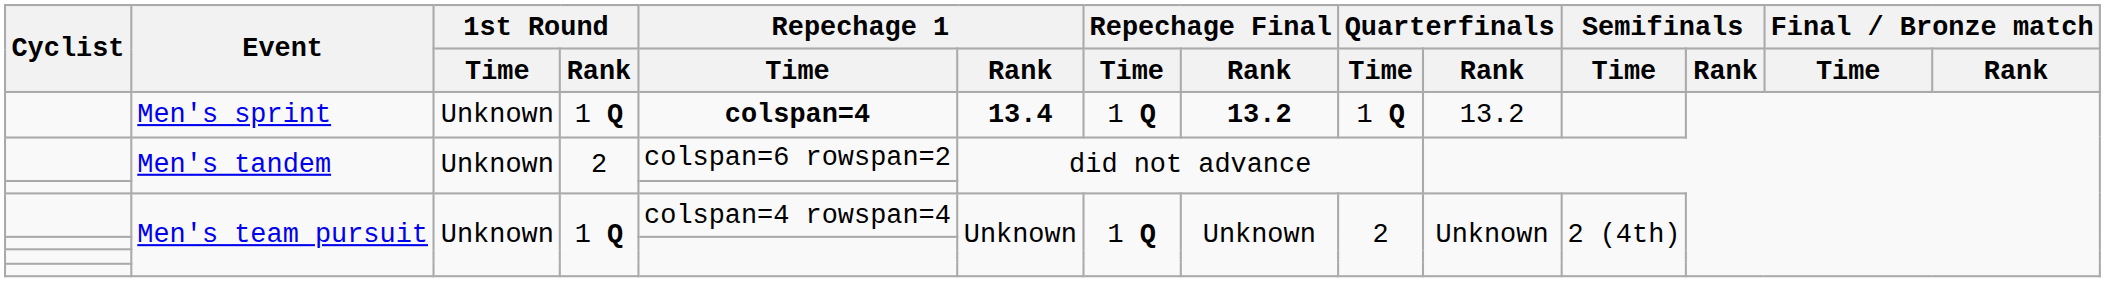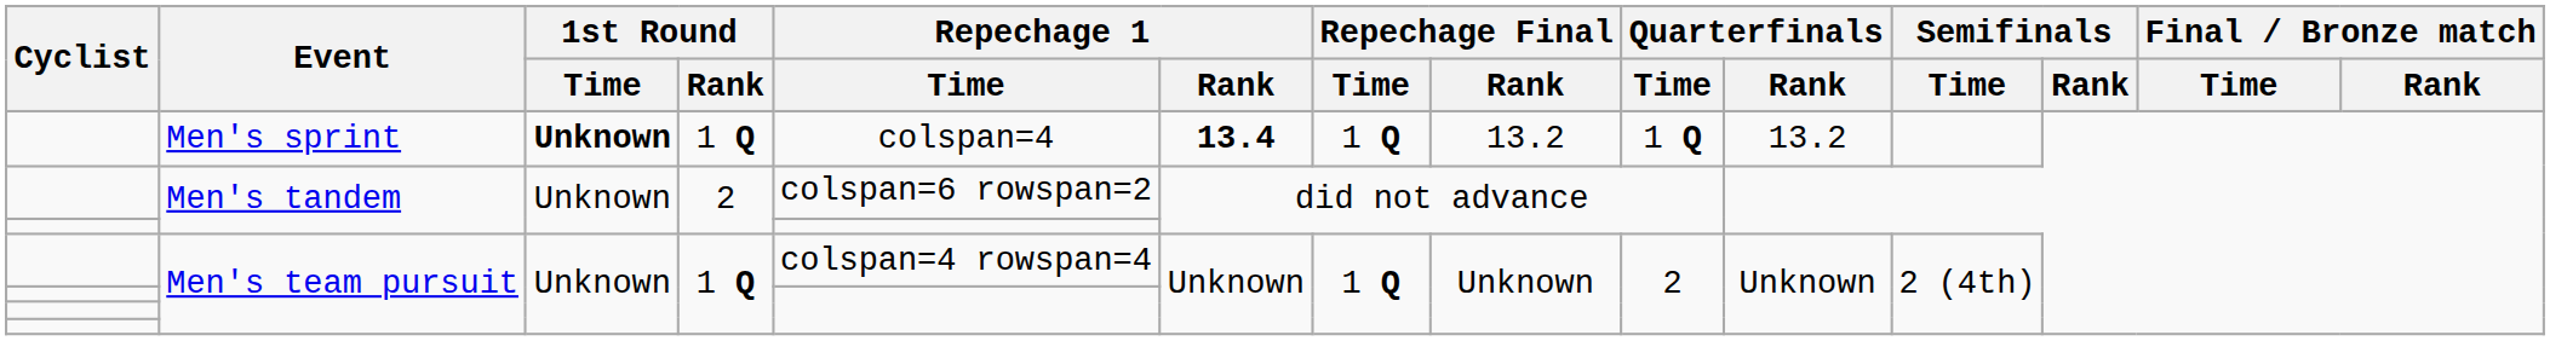 <table class="wikitable sortable" style=text-align:center>
 <tr>
 <th rowspan=2>Cyclist</th>
 <th rowspan=2>Event</th>
 <th colspan=2>1st Round</th>
 <th colspan=2>Repechage 1</th>
 <th colspan=2>Repechage Final</th>
 <th colspan=2>Quarterfinals</th>
 <th colspan=2>Semifinals</th>
 <th colspan=2>Final / Bronze match</th>
 </tr>
 <tr>
 <th>Time</th>
 <th>Rank</th>
 <th>Time</th>
 <th>Rank</th>
 <th>Time</th>
 <th>Rank</th>
 <th>Time</th>
 <th>Rank</th>
 <th>Time</th>
 <th>Rank</th>
 <th>Time</th>
 <th>Rank</th>
 </tr>
 <tr>
 <td align=left><strong></strong></td>
 <td align=left><a href='#'>Men's sprint</a></td>
-<td>Unknown</td>
+<td><strong>Unknown</strong></td>
 <td>1 <strong>Q</strong></td>
-<td><strong>colspan=4 </strong></td>
+<td>colspan=4 </td>
 <td><strong>13.4</strong></td>
 <td>1 <strong>Q</strong></td>
-<td><strong>13.2</strong></td>
+<td>13.2</td>
 <td>1 <strong>Q</strong></td>
 <td>13.2</td>
 <td></td>
 </tr>
 <tr>
 <td align=left></td>
 <td align=left rowspan=2><a href='#'>Men's tandem</a></td>
 <td rowspan=2>Unknown</td>
 <td rowspan=2>2</td>
 <td>colspan=6 rowspan=2 </td>
 <td colspan=4 rowspan=2>did not advance</td>
 </tr>
 <tr>
 <td align=left></td>
 </tr>
 <tr>
 <td align=left></td>
 <td align=left rowspan=4><a href='#'>Men's team pursuit</a></td>
 <td rowspan=4>Unknown</td>
 <td rowspan=4>1 <strong>Q</strong></td>
 <td>colspan=4 rowspan=4 </td>
 <td rowspan=4>Unknown</td>
 <td rowspan=4>1 <strong>Q</strong></td>
 <td rowspan=4>Unknown</td>
 <td rowspan=4>2</td>
 <td rowspan=4>Unknown</td>
 <td rowspan=4>2 (4th)</td>
 </tr>
 <tr>
 <td align=left></td>
 </tr>
 <tr>
 <td align=left></td>
 </tr>
 <tr>
 <td align=left></td>
 </tr>
 </table>
